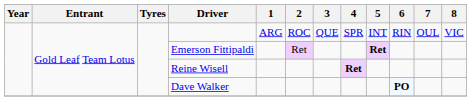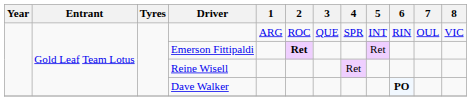 <table class="wikitable" style="text-align:center; font-size:90%">
 <tr>
 <th>Year</th>
 <th>Entrant</th>
 <th>Tyres</th>
 <th>Driver</th>
 <th>1</th>
 <th>2</th>
 <th>3</th>
 <th>4</th>
 <th>5</th>
 <th>6</th>
 <th>7</th>
 <th>8</th>
 </tr>
 <tr>
 <td rowspan=4></td>
 <td rowspan=4><a href='#'>Gold Leaf</a> <a href='#'>Team Lotus</a></td>
 <td rowspan=4></td>
 <td></td>
 <td><a href='#'>ARG</a></td>
 <td><a href='#'>ROC</a></td>
 <td><a href='#'>QUE</a></td>
 <td><a href='#'>SPR</a></td>
 <td><a href='#'>INT</a></td>
 <td><a href='#'>RIN</a></td>
 <td><a href='#'>OUL</a></td>
 <td><a href='#'>VIC</a></td>
 </tr>
 <tr>
 <td align="left"><a href='#'>Emerson Fittipaldi</a></td>
 <td></td>
-<td style="background:#EFCFFF;">Ret</td>
+<td style="background:#EFCFFF;"><strong>Ret</strong></td>
 <td></td>
 <td></td>
-<td style="background:#EFCFFF;"><strong>Ret</strong></td>
+<td style="background:#EFCFFF;">Ret</td>
 <td></td>
 <td></td>
 <td></td>
 </tr>
 <tr>
 <td align="left"><a href='#'>Reine Wisell</a></td>
 <td></td>
 <td></td>
 <td></td>
-<td style="background:#EFCFFF;"><strong>Ret</strong></td>
+<td style="background:#EFCFFF;">Ret</td>
 <td></td>
 <td></td>
 <td></td>
 <td></td>
 </tr>
 <tr>
 <td align="left"><a href='#'>Dave Walker</a></td>
 <td></td>
 <td></td>
 <td></td>
 <td></td>
 <td></td>
 <td style="background:#F1F8FF;"><strong>PO</strong></td>
 <td></td>
 <td></td>
 </tr>
 <tr>
 </tr>
 </table>
